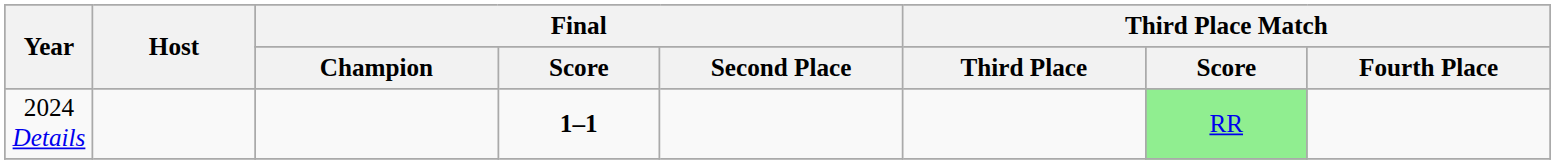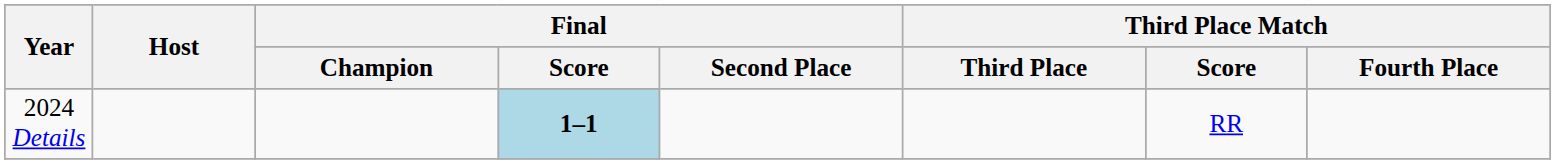 <table class="wikitable" style="font-size:90%; width:100%; text-align:center;">
 <tr>
 <th rowspan=2 width=5%>Year</th>
 <th rowspan=2 width=10%>Host</th>
 <th colspan=3>Final</th>
 <th colspan=3>Third Place Match</th>
 </tr>
 <tr bgcolor=#EFEFEF>
 <th width=15%>Champion</th>
 <th width=10%>Score</th>
 <th width=15%>Second Place</th>
 <th width=15%>Third Place</th>
 <th width=10%>Score</th>
 <th width=15%>Fourth Place</th>
 </tr>
 <tr align=center>
 <td>2024<br><em><a href='#'>Details</a></em></td>
 <td></td>
 <td></td>
-<td><strong>1–1</strong><br></td>
+<td style="background: lightblue;"><strong>1–1</strong><br></td>
 <td></td>
 <td></td>
-<td style="background: lightgreen;"><a href='#'>RR</a></td>
+<td><a href='#'>RR</a></td>
 <td></td>
 </tr>
 </table>
